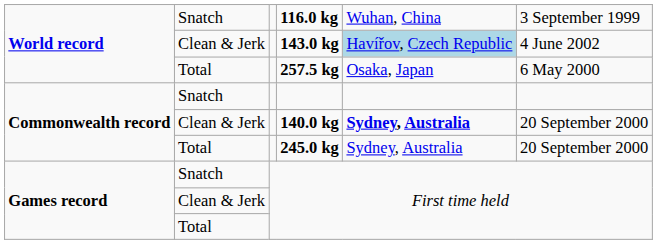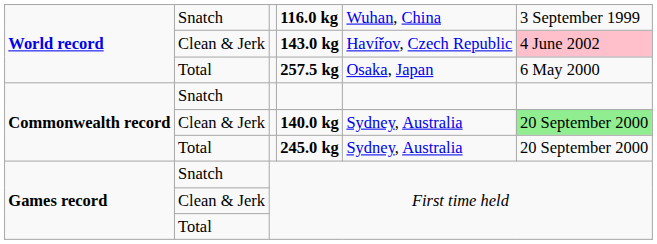 <table class="wikitable">
 <tr>
 <td rowspan=3><strong><a href='#'>World record</a></strong></td>
 <td>Snatch</td>
 <td></td>
 <td><strong>116.0 kg</strong></td>
 <td><a href='#'>Wuhan</a>, <a href='#'>China</a></td>
 <td>3 September 1999</td>
 </tr>
 <tr>
 <td>Clean & Jerk</td>
 <td></td>
 <td><strong>143.0 kg</strong></td>
-<td style="background: lightblue;"><a href='#'>Havířov</a>, <a href='#'>Czech Republic</a></td>
-<td>4 June 2002</td>
+<td><a href='#'>Havířov</a>, <a href='#'>Czech Republic</a></td>
+<td style="background: pink;">4 June 2002</td>
 </tr>
 <tr>
 <td>Total</td>
 <td></td>
 <td><strong>257.5 kg</strong></td>
 <td><a href='#'>Osaka</a>, <a href='#'>Japan</a></td>
 <td>6 May 2000</td>
 </tr>
 <tr>
 <td rowspan=3><strong>Commonwealth record</strong></td>
 <td>Snatch</td>
 <td></td>
 <td></td>
 <td></td>
 <td></td>
 </tr>
 <tr>
 <td>Clean & Jerk</td>
 <td></td>
 <td><strong>140.0 kg</strong></td>
-<td><strong><a href='#'>Sydney</a>, <a href='#'>Australia</a></strong></td>
-<td>20 September 2000</td>
+<td><a href='#'>Sydney</a>, <a href='#'>Australia</a></td>
+<td style="background: lightgreen;">20 September 2000</td>
 </tr>
 <tr>
 <td>Total</td>
 <td></td>
 <td><strong>245.0 kg</strong></td>
 <td><a href='#'>Sydney</a>, <a href='#'>Australia</a></td>
 <td>20 September 2000</td>
 </tr>
 <tr>
 <td rowspan=3><strong>Games record</strong></td>
 <td>Snatch</td>
 <td rowspan=3 colspan=4 align=center><em>First time held</em></td>
 </tr>
 <tr>
 <td>Clean & Jerk</td>
 </tr>
 <tr>
 <td>Total</td>
 </tr>
 </table>
